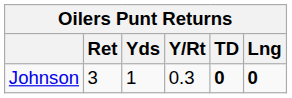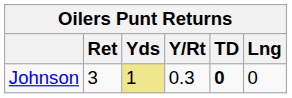 <table class="wikitable">
 <tr>
 <th colspan="6">Oilers Punt Returns</th>
 </tr>
 <tr>
 <th></th>
 <th>Ret</th>
 <th>Yds</th>
 <th>Y/Rt</th>
 <th>TD</th>
 <th>Lng</th>
 </tr>
 <tr>
 <td><a href='#'>Johnson</a></td>
 <td>3</td>
-<td>1</td>
+<td style="background: khaki;">1</td>
 <td>0.3</td>
 <td><strong>0</strong></td>
-<td><strong>0</strong></td>
+<td>0</td>
 </tr>
 </table>
